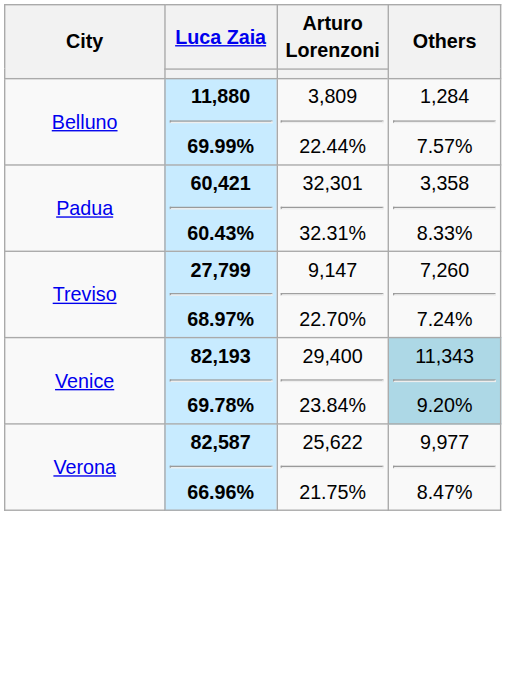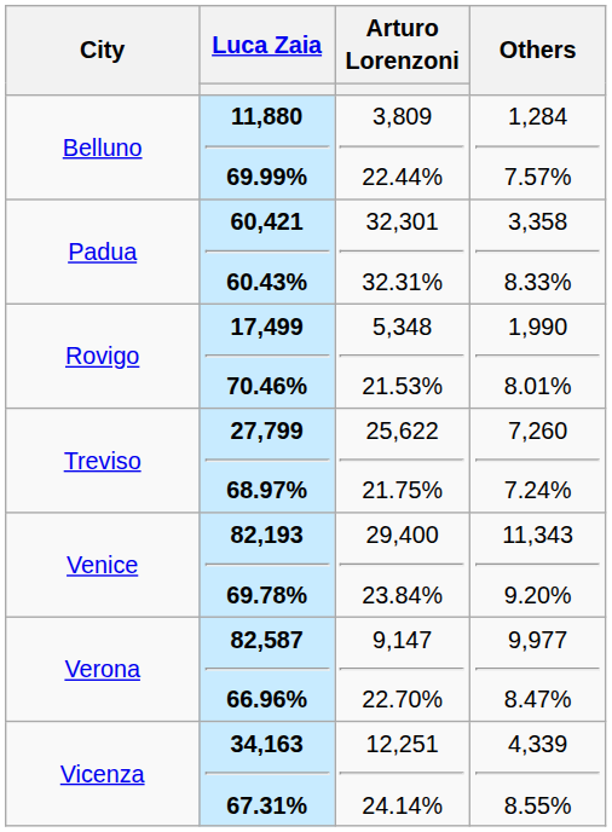 <table class="wikitable" style="text-align:center;font-size:90%;line-height:20px">
 <tr style="height:30px; background-color:#E9E9E9">
 <th style="width:110px;" rowspan="2">City</th>
 <th style="width:75px;"><a href='#'>Luca Zaia</a></th>
 <th style="width:75px;">Arturo Lorenzoni</th>
 <th rowspan="2" style="width:75px;">Others</th>
 </tr>
 <tr>
 <th style="background:"></th>
 <th style="background:"></th>
 </tr>
 <tr>
 <td><a href='#'>Belluno</a></td>
 <td style="background:#C8EBFF"><strong>11,880 <hr>69.99%</strong></td>
 <td>3,809 <hr>22.44%</td>
 <td>1,284 <hr>7.57%</td>
 </tr>
 <tr>
 <td><a href='#'>Padua</a></td>
 <td style="background:#C8EBFF"><strong>60,421 <hr>60.43%</strong></td>
 <td>32,301 <hr>32.31%</td>
 <td>3,358 <hr>8.33%</td>
 </tr>
 <tr>
+<td><a href='#'>Rovigo</a></td>
+<td style="background:#C8EBFF"><strong>17,499 <hr>70.46%</strong></td>
+<td>5,348 <hr>21.53%</td>
+<td>1,990 <hr>8.01%</td>
+</tr>
+<tr>
 <td><a href='#'>Treviso</a></td>
 <td style="background:#C8EBFF"><strong>27,799 <hr>68.97%</strong></td>
-<td>9,147 <hr>22.70%</td>
+<td>25,622 <hr>21.75%</td>
 <td>7,260 <hr>7.24%</td>
 </tr>
 <tr>
 <td><a href='#'>Venice</a></td>
 <td style="background:#C8EBFF"><strong>82,193 <hr>69.78%</strong></td>
 <td>29,400 <hr>23.84%</td>
-<td style="background: lightblue;">11,343 <hr>9.20%</td>
+<td>11,343 <hr>9.20%</td>
 </tr>
 <tr>
 <td><a href='#'>Verona</a></td>
 <td style="background:#C8EBFF"><strong>82,587 <hr>66.96%</strong></td>
-<td>25,622 <hr>21.75%</td>
+<td>9,147 <hr>22.70%</td>
 <td>9,977 <hr>8.47%</td>
 </tr>
+<tr>
+<td><a href='#'>Vicenza</a></td>
+<td style="background:#C8EBFF"><strong>34,163 <hr>67.31%</strong></td>
+<td>12,251 <hr>24.14%</td>
+<td>4,339 <hr>8.55%</td>
+</tr>
 </table>
